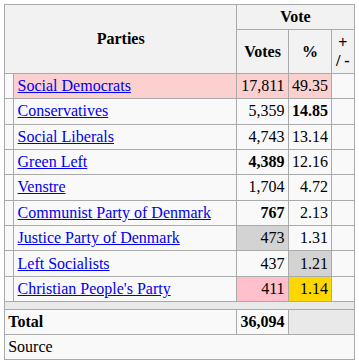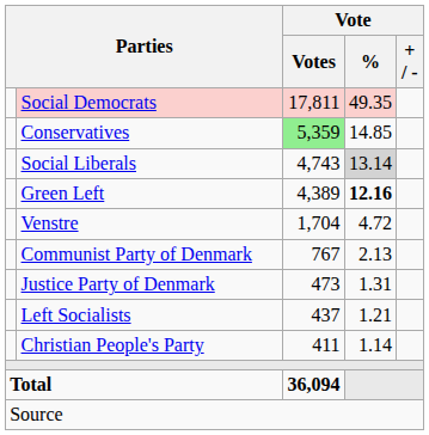 <table class="wikitable" style="text-align:right;">
 <tr>
 <th style="text-align:centre;" rowspan="2" colspan="2" width="225">Parties</th>
 <th colspan="3">Vote</th>
 </tr>
 <tr>
 <th width="15">Votes</th>
 <th width="15">%</th>
 <th width="15">+ / -</th>
 </tr>
 <tr>
 <td width="2" style="color:inherit;background:"></td>
 <td bgcolor=#fbd0ce  align="left"><a href='#'>Social Democrats</a></td>
 <td bgcolor=#fbd0ce>17,811</td>
 <td bgcolor=#fbd0ce>49.35</td>
 <td></td>
 </tr>
 <tr>
 <td width="2" style="color:inherit;background:"></td>
 <td align="left"><a href='#'>Conservatives</a></td>
-<td>5,359</td>
-<td><strong>14.85</strong></td>
+<td style="background: lightgreen;">5,359</td>
+<td>14.85</td>
 <td></td>
 </tr>
 <tr>
 <td width="2" style="color:inherit;background:"></td>
 <td align="left"><a href='#'>Social Liberals</a></td>
 <td>4,743</td>
-<td>13.14</td>
+<td style="background: lightgrey;">13.14</td>
 <td></td>
 </tr>
 <tr>
 <td width="2" style="color:inherit;background:"></td>
 <td align="left"><a href='#'>Green Left</a></td>
-<td><strong>4,389</strong></td>
-<td>12.16</td>
+<td>4,389</td>
+<td><strong>12.16</strong></td>
 <td></td>
 </tr>
 <tr>
 <td width="2" style="color:inherit;background:"></td>
 <td align="left"><a href='#'>Venstre</a></td>
 <td>1,704</td>
 <td>4.72</td>
 <td></td>
 </tr>
 <tr>
 <td width="2" style="color:inherit;background:"></td>
 <td align="left"><a href='#'>Communist Party of Denmark</a></td>
-<td><strong>767</strong></td>
+<td>767</td>
 <td>2.13</td>
 <td></td>
 </tr>
 <tr>
 <td width="2" style="color:inherit;background:"></td>
 <td align="left"><a href='#'>Justice Party of Denmark</a></td>
-<td style="background: lightgrey;">473</td>
+<td>473</td>
 <td>1.31</td>
 <td></td>
 </tr>
 <tr>
 <td width="2" style="color:inherit;background:"></td>
 <td align="left"><a href='#'>Left Socialists</a></td>
 <td>437</td>
-<td style="background: lightgrey;">1.21</td>
+<td>1.21</td>
 <td></td>
 </tr>
 <tr>
 <td width="2" style="color:inherit;background:"></td>
 <td align="left"><a href='#'>Christian People's Party</a></td>
-<td style="background: pink;">411</td>
-<td style="background: gold;">1.14</td>
+<td>411</td>
+<td>1.14</td>
 <td></td>
 </tr>
 <tr>
 <td colspan="7" bgcolor="#E9E9E9"></td>
 </tr>
 <tr>
 <td align="left" colspan="2"><strong>Total</strong></td>
 <td><strong>36,094</strong></td>
 <td bgcolor="#E9E9E9" colspan="2"></td>
 </tr>
 <tr>
 <td align="left" colspan="6">Source</td>
 </tr>
 </table>
